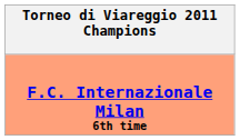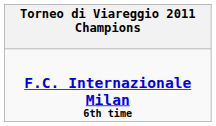 <table class="wikitable" style="margin: 0 auto; width: 30%;">
 <tr>
 <th><big>Torneo di Viareggio 2011 Champions</big><br><br></th>
 </tr>
 <tr>
-<td align=center style="background: lightsalmon;"><br><br><big><big><strong><a href='#'>F.C. Internazionale Milan</a></strong><br></big></big><strong>6th time</strong></td>
+<td align=center><br><br><big><big><strong><a href='#'>F.C. Internazionale Milan</a></strong><br></big></big><strong>6th time</strong></td>
 </tr>
 </table>
